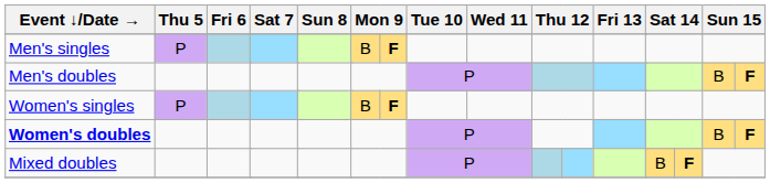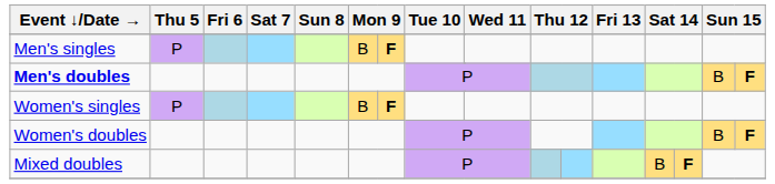 <table class="wikitable" style="margin:0.5em auto; font-size:90%; line-height:1.25em;">
 <tr style="text-align:center;">
 <th>Event ↓/Date →</th>
 <th colspan="2">Thu 5</th>
 <th colspan="2">Fri 6</th>
 <th colspan="2">Sat 7</th>
 <th colspan="2">Sun 8</th>
 <th colspan="2">Mon 9</th>
 <th colspan="2">Tue 10</th>
 <th colspan="2">Wed 11</th>
 <th colspan="2">Thu 12</th>
 <th colspan="2">Fri 13</th>
 <th colspan="2">Sat 14</th>
 <th colspan="2">Sun 15</th>
 </tr>
 <tr>
 </tr>
 <tr style="text-align:center;">
 <td style="text-align:left;"><a href='#'>Men's singles</a></td>
 <td colspan="2" style="background-color:#D0A9F5">P</td>
 <td colspan="2" style="background-color:#ADD8E5"></td>
 <td colspan="2" style="background-color:#97DEFF"></td>
 <td colspan="2" style="background-color:#D9FFB2"></td>
 <td style="background-color:#FFDF80;">B</td>
 <td style="background-color:#FFDF80;"><strong>F</strong></td>
 <td colspan="2"></td>
 <td colspan="2"></td>
 <td colspan="2"></td>
 <td colspan="2"></td>
 <td colspan="2"></td>
 <td colspan="2"></td>
 </tr>
 <tr style="text-align:center;">
-<td style="text-align:left;"><a href='#'>Men's doubles</a></td>
+<td style="text-align:left;"><strong><a href='#'>Men's doubles</a></strong></td>
 <td colspan="2"></td>
 <td colspan="2"></td>
 <td colspan="2"></td>
 <td colspan="2"></td>
 <td colspan="2"></td>
 <td colspan="4" style="background-color:#D0A9F5">P</td>
 <td colspan="2" style="background-color:#ADD8E5"></td>
 <td colspan="2" style="background-color:#97DEFF"></td>
 <td colspan="2" style="background-color:#D9FFB2"></td>
 <td style="background-color:#FFDF80;">B</td>
 <td style="background-color:#FFDF80;"><strong>F</strong></td>
 </tr>
 <tr style="text-align:center;">
 <td style="text-align:left;"><a href='#'>Women's singles</a></td>
 <td colspan="2" style="background-color:#D0A9F5">P</td>
 <td colspan="2" style="background-color:#ADD8E5"></td>
 <td colspan="2" style="background-color:#97DEFF"></td>
 <td colspan="2" style="background-color:#D9FFB2"></td>
 <td style="background-color:#FFDF80;">B</td>
 <td style="background-color:#FFDF80;"><strong>F</strong></td>
 <td colspan="2"></td>
 <td colspan="2"></td>
 <td colspan="2"></td>
 <td colspan="2"></td>
 <td colspan="2"></td>
 <td colspan="2"></td>
 </tr>
 <tr style="text-align:center;">
-<td style="text-align:left;"><strong><a href='#'>Women's doubles</a></strong></td>
+<td style="text-align:left;"><a href='#'>Women's doubles</a></td>
 <td colspan="2"></td>
 <td colspan="2"></td>
 <td colspan="2"></td>
 <td colspan="2"></td>
 <td colspan="2"></td>
 <td colspan="4" style="background-color:#D0A9F5">P</td>
 <td colspan="2"></td>
 <td colspan="2" style="background-color:#97DEFF"></td>
 <td colspan="2" style="background-color:#D9FFB2"></td>
 <td style="background-color:#FFDF80;">B</td>
 <td style="background-color:#FFDF80;"><strong>F</strong></td>
 </tr>
 <tr style="text-align:center;">
 <td style="text-align:left;"><a href='#'>Mixed doubles</a></td>
 <td colspan="2"></td>
 <td colspan="2"></td>
 <td colspan="2"></td>
 <td colspan="2"></td>
 <td colspan="2"></td>
 <td colspan="4" style="background-color:#D0A9F5">P</td>
 <td style="background-color:#ADD8E5"></td>
 <td style="background-color:#97DEFF"></td>
 <td colspan="2" style="background-color:#D9FFB2"></td>
 <td style="background-color:#FFDF80;">B</td>
 <td style="background-color:#FFDF80;"><strong>F</strong></td>
 <td colspan="2"></td>
 </tr>
 <tr>
 </tr>
 </table>
